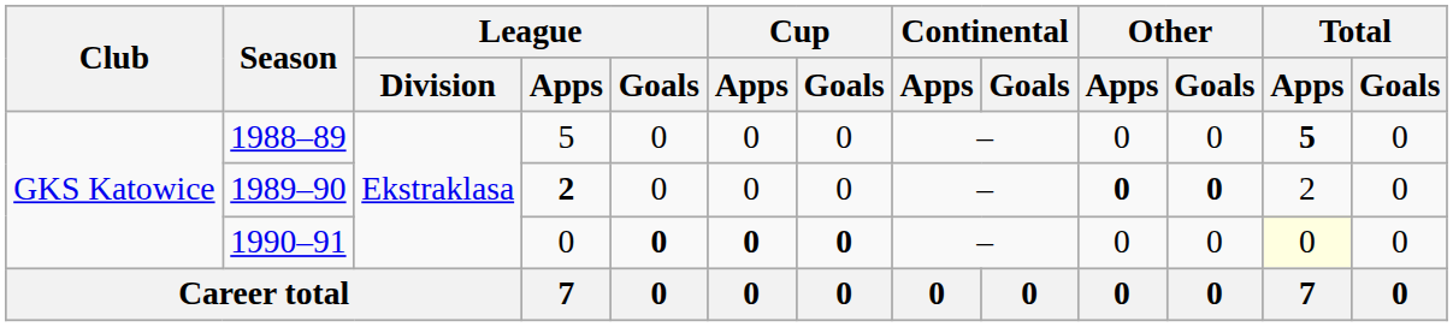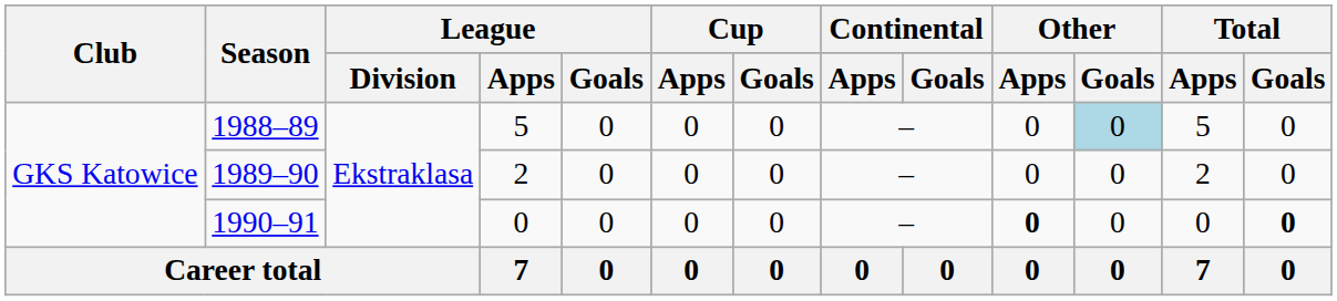 <table class="wikitable" style="text-align: center;">
 <tr>
 <th rowspan="2">Club</th>
 <th rowspan="2">Season</th>
 <th colspan="3">League</th>
 <th colspan="2">Cup</th>
 <th colspan="2">Continental</th>
 <th colspan="2">Other</th>
 <th colspan="2">Total</th>
 </tr>
 <tr>
 <th>Division</th>
 <th>Apps</th>
 <th>Goals</th>
 <th>Apps</th>
 <th>Goals</th>
 <th>Apps</th>
 <th>Goals</th>
 <th>Apps</th>
 <th>Goals</th>
 <th>Apps</th>
 <th>Goals</th>
 </tr>
 <tr>
 <td rowspan="3"><a href='#'>GKS Katowice</a></td>
 <td><a href='#'>1988–89</a></td>
 <td rowspan="3"><a href='#'>Ekstraklasa</a></td>
 <td>5</td>
 <td>0</td>
 <td>0</td>
 <td>0</td>
 <td colspan="2">–</td>
 <td>0</td>
-<td>0</td>
-<td><strong>5</strong></td>
+<td style="background: lightblue;">0</td>
+<td>5</td>
 <td>0</td>
 </tr>
 <tr>
 <td><a href='#'>1989–90</a></td>
-<td><strong>2</strong></td>
+<td>2</td>
 <td>0</td>
 <td>0</td>
 <td>0</td>
 <td colspan="2">–</td>
-<td><strong>0</strong></td>
-<td><strong>0</strong></td>
+<td>0</td>
+<td>0</td>
 <td>2</td>
 <td>0</td>
 </tr>
 <tr>
 <td><a href='#'>1990–91</a></td>
 <td>0</td>
-<td><strong>0</strong></td>
-<td><strong>0</strong></td>
-<td><strong>0</strong></td>
-<td colspan="2">–</td>
 <td>0</td>
 <td>0</td>
-<td style="background: lightyellow;">0</td>
 <td>0</td>
+<td colspan="2">–</td>
+<td><strong>0</strong></td>
+<td>0</td>
+<td>0</td>
+<td><strong>0</strong></td>
 </tr>
 <tr>
 <th colspan="3">Career total</th>
 <th>7</th>
 <th>0</th>
 <th>0</th>
 <th>0</th>
 <th>0</th>
 <th>0</th>
 <th>0</th>
 <th>0</th>
 <th>7</th>
 <th>0</th>
 </tr>
 </table>
